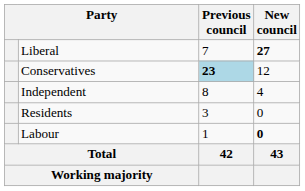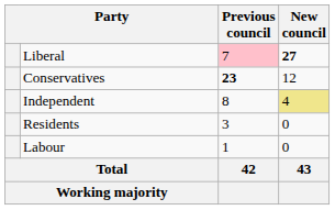 <table class="wikitable">
 <tr>
 <th valign=top colspan="2" style="width: 230px">Party</th>
 <th valign=top style="width: 30px">Previous council</th>
 <th valign=top style="width: 30px">New council</th>
 </tr>
 <tr>
 <th style="background-color: "></th>
 <td>Liberal</td>
-<td>7</td>
+<td style="background: pink;">7</td>
 <td><strong>27</strong></td>
 </tr>
 <tr>
 <th style="background-color: "></th>
 <td>Conservatives</td>
-<td style="background: lightblue;"><strong>23</strong></td>
+<td><strong>23</strong></td>
 <td>12</td>
 </tr>
 <tr>
 <th style="background-color: "></th>
 <td>Independent</td>
 <td>8</td>
-<td>4</td>
+<td style="background: khaki;">4</td>
 </tr>
 <tr>
 <th style="background-color: "></th>
 <td>Residents</td>
 <td>3</td>
 <td>0</td>
 </tr>
 <tr>
 <th style="background-color: "></th>
 <td>Labour</td>
 <td>1</td>
-<td><strong>0</strong></td>
+<td>0</td>
 </tr>
 <tr>
 <th colspan=2>Total</th>
 <th style="text-align: center">42</th>
 <th colspan=3>43</th>
 </tr>
 <tr>
 <th colspan=2>Working majority</th>
 <th></th>
 <th></th>
 </tr>
 </table>
